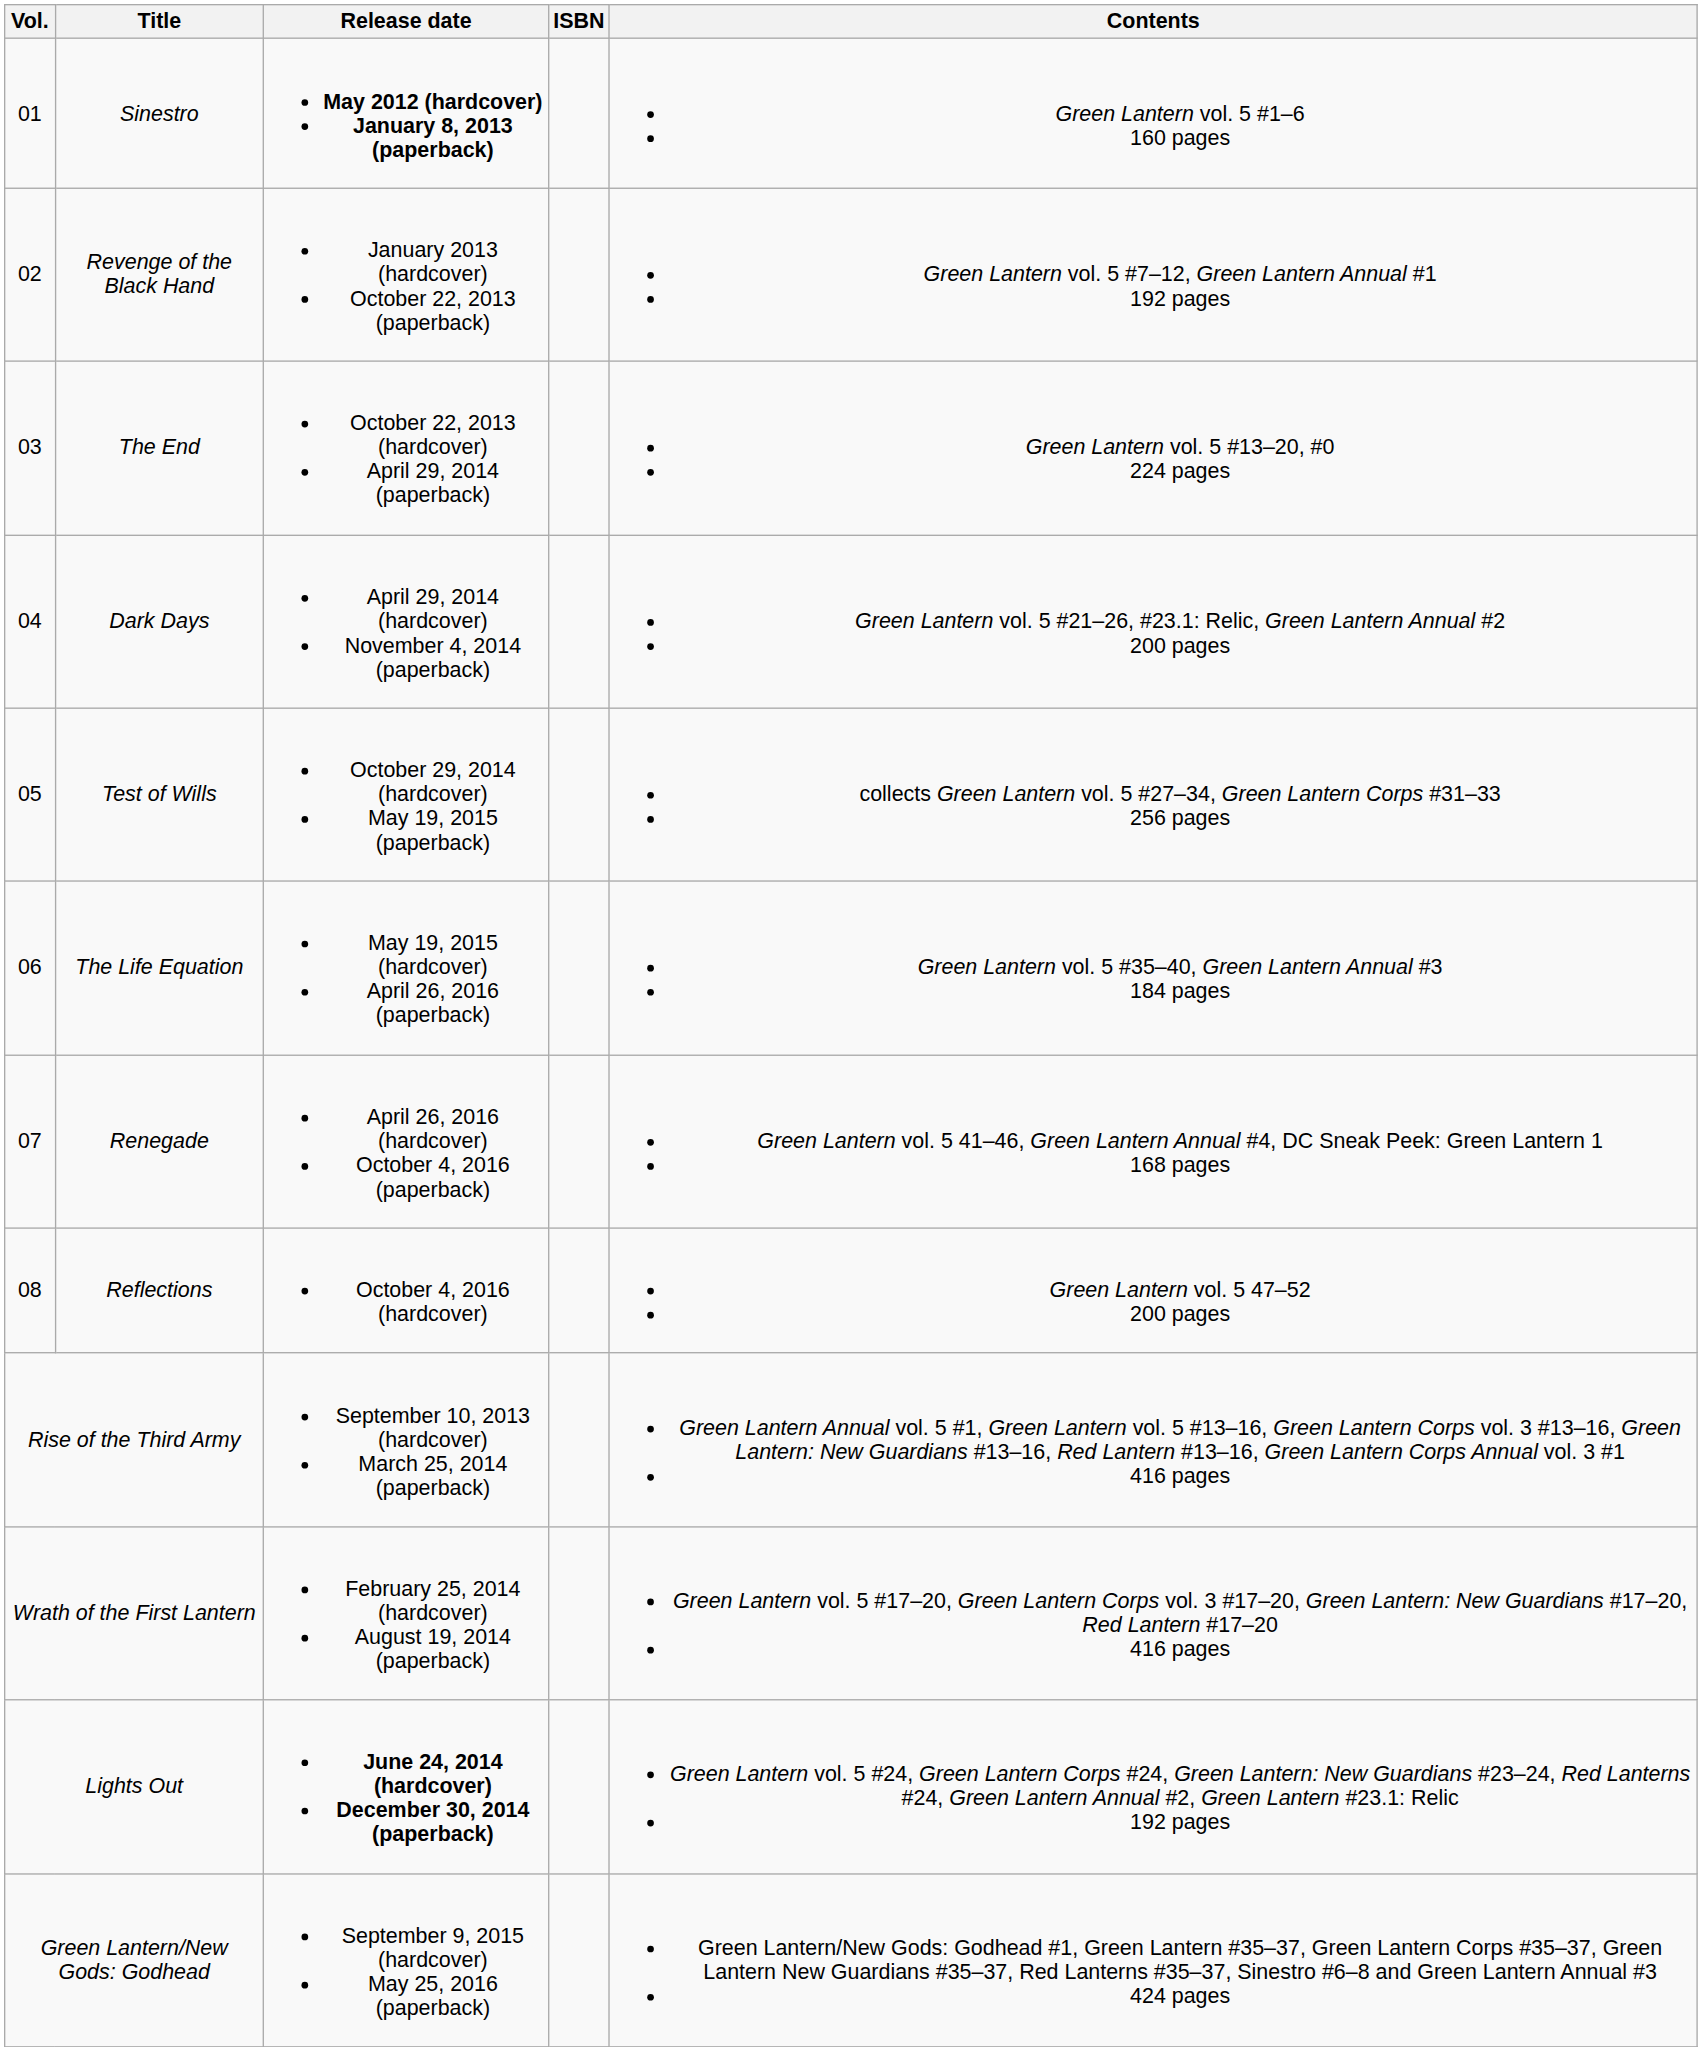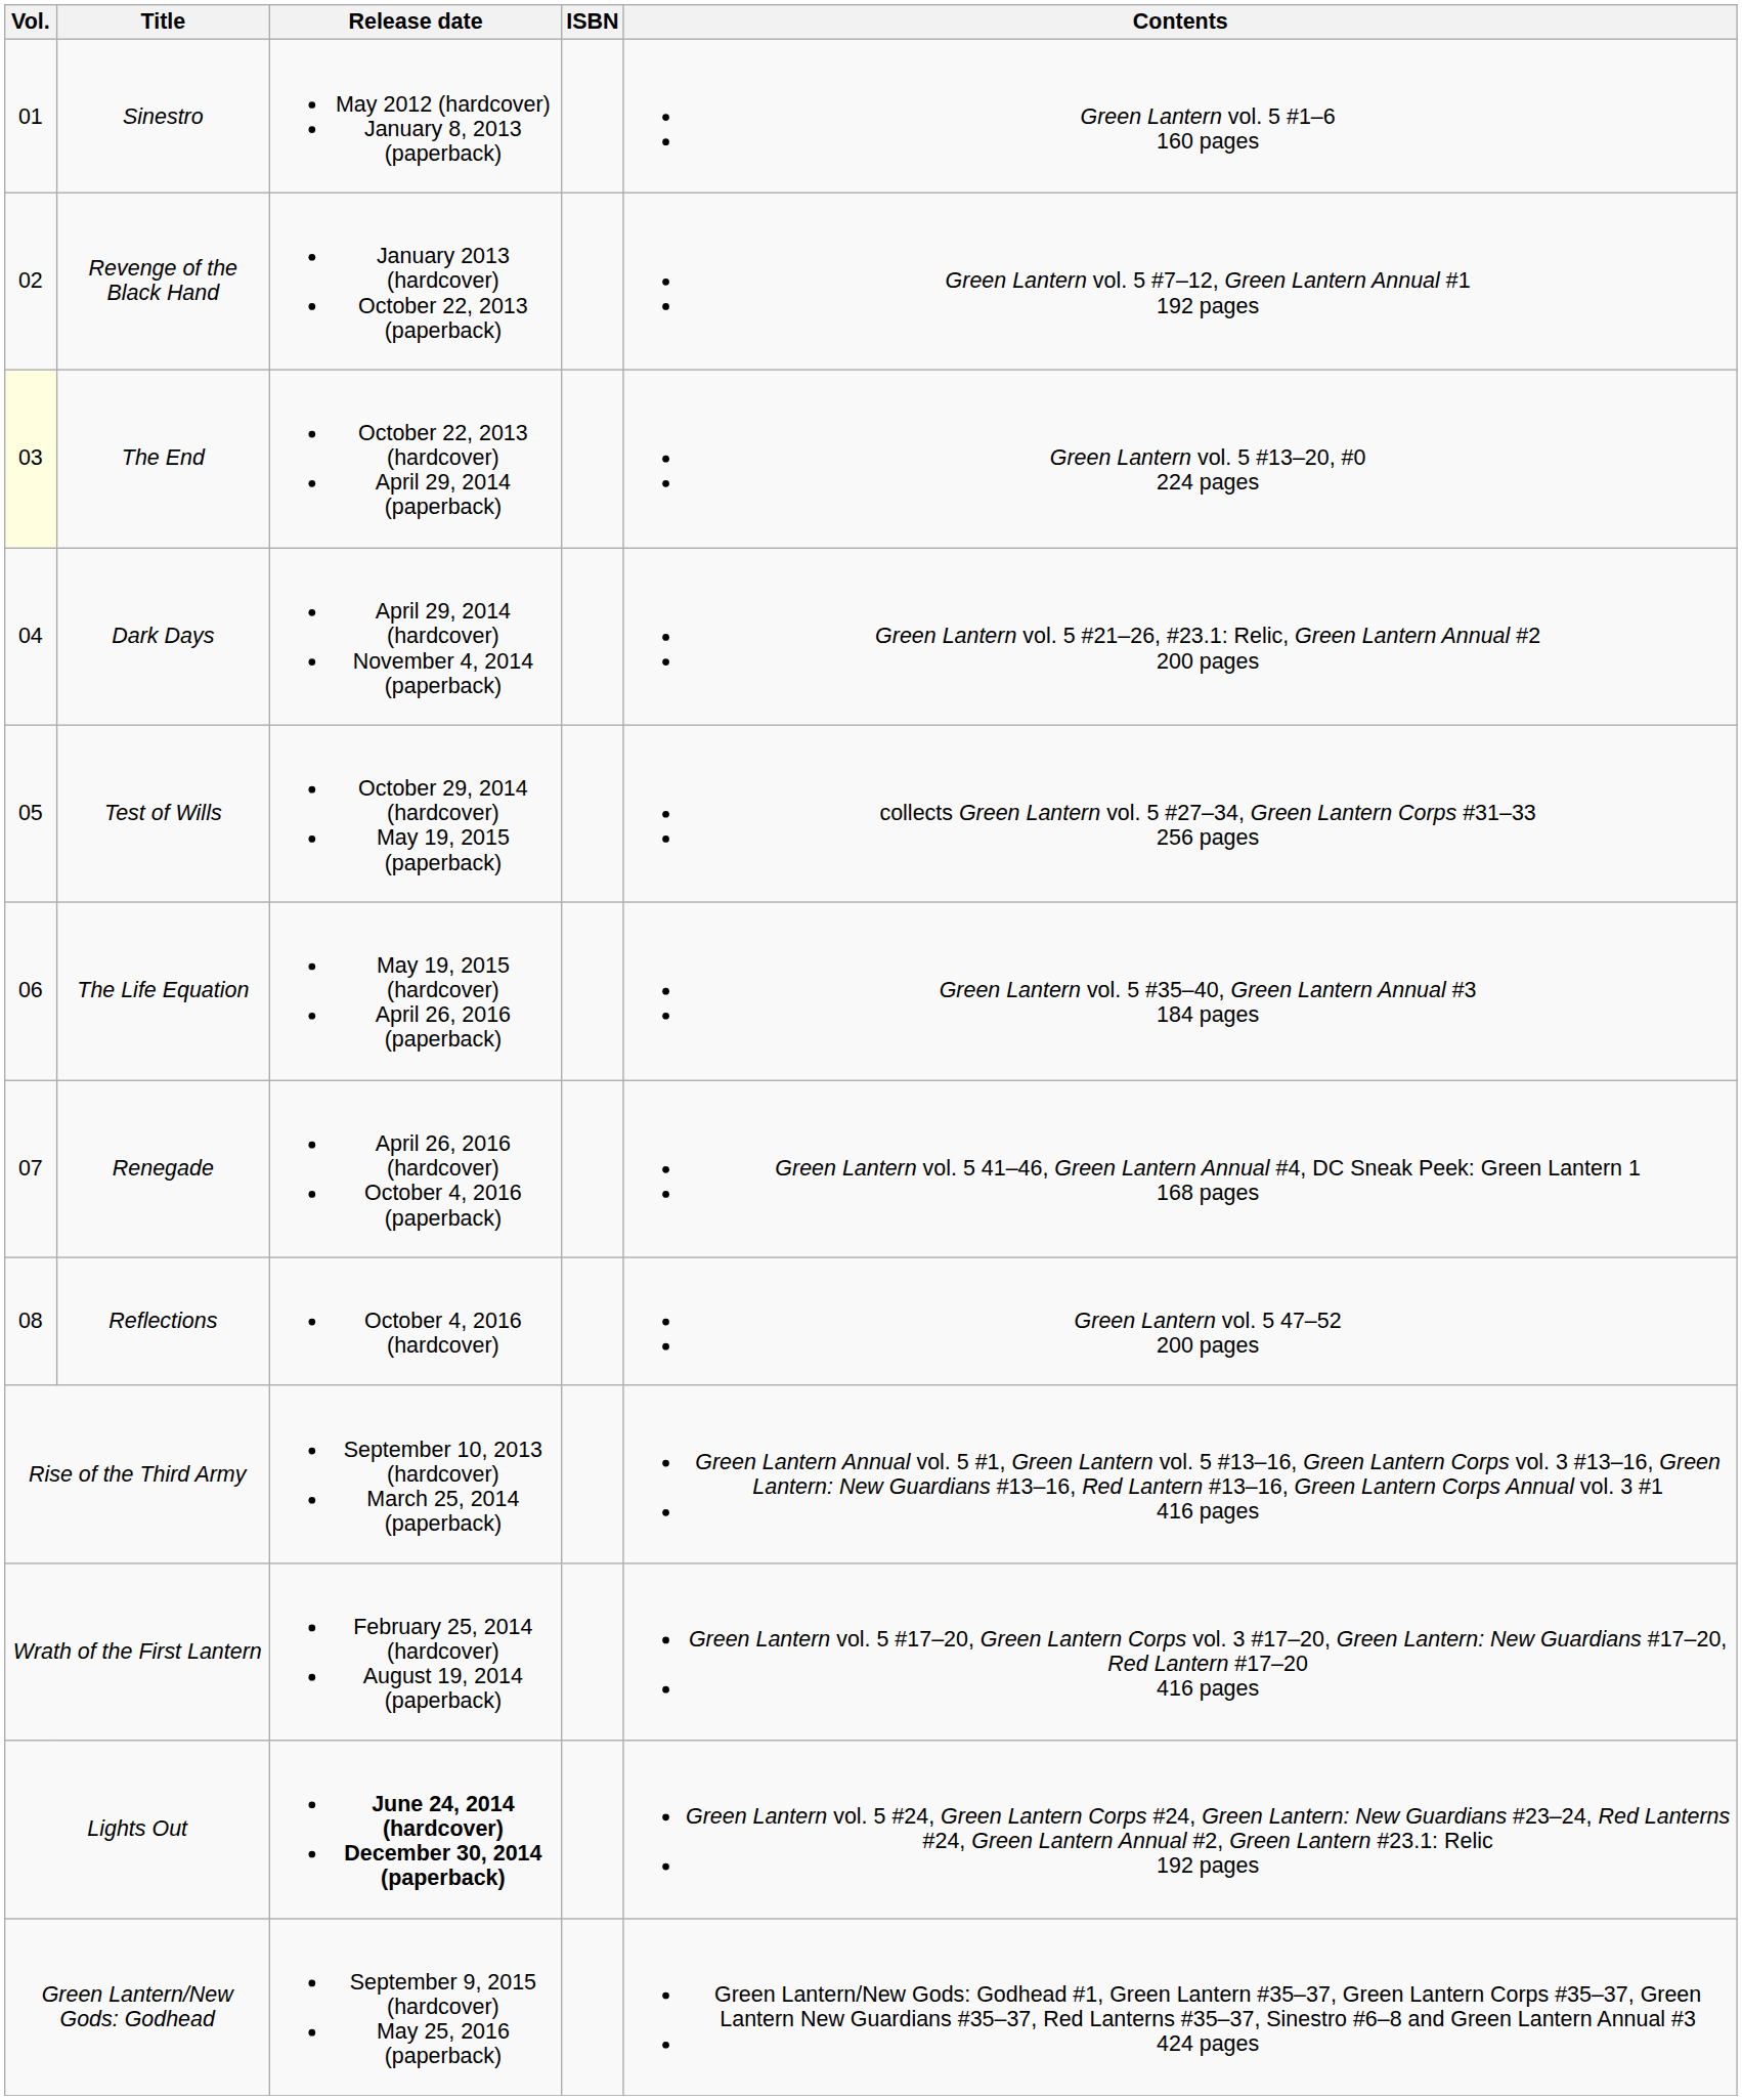 <table class="wikitable" style="width:100%;">
 <tr style="text-align: center;">
 <th>Vol.</th>
 <th>Title</th>
 <th>Release date</th>
 <th>ISBN</th>
 <th>Contents</th>
 </tr>
 <tr style="text-align: center;">
 <td>01</td>
 <td><em>Sinestro</em></td>
-<td><strong><br><ul><li>May 2012 (hardcover)</li><li>January 8, 2013 (paperback)</li></ul></strong></td>
+<td><br><ul><li>May 2012 (hardcover)</li><li>January 8, 2013 (paperback)</li></ul></td>
 <td></td>
 <td><br><ul><li><em>Green Lantern</em> vol. 5 #1–6</li><li>160 pages</li></ul></td>
 </tr>
 <tr style="text-align: center;">
 <td>02</td>
 <td><em>Revenge of the Black Hand</em></td>
 <td><br><ul><li>January 2013 (hardcover)</li><li>October 22, 2013 (paperback)</li></ul></td>
 <td></td>
 <td><br><ul><li><em>Green Lantern</em> vol. 5 #7–12, <em>Green Lantern Annual</em> #1</li><li>192 pages</li></ul></td>
 </tr>
 <tr style="text-align: center;">
-<td>03</td>
+<td style="background: lightyellow;">03</td>
 <td><em>The End</em></td>
 <td><br><ul><li>October 22, 2013 (hardcover)</li><li>April 29, 2014 (paperback)</li></ul></td>
 <td></td>
 <td><br><ul><li><em>Green Lantern</em> vol. 5 #13–20, #0</li><li>224 pages</li></ul></td>
 </tr>
 <tr style="text-align: center;">
 <td>04</td>
 <td><em>Dark Days</em></td>
 <td><br><ul><li>April 29, 2014 (hardcover)</li><li>November 4, 2014 (paperback)</li></ul></td>
 <td></td>
 <td><br><ul><li><em>Green Lantern</em> vol. 5 #21–26, #23.1: Relic, <em>Green Lantern Annual</em> #2</li><li>200 pages</li></ul></td>
 </tr>
 <tr style="text-align: center;">
 <td>05</td>
 <td><em>Test of Wills</em></td>
 <td><br><ul><li>October 29, 2014 (hardcover)</li><li>May 19, 2015 (paperback)</li></ul></td>
 <td></td>
 <td><br><ul><li>collects <em>Green Lantern</em> vol. 5 #27–34, <em>Green Lantern Corps</em> #31–33</li><li>256 pages</li></ul></td>
 </tr>
 <tr style="text-align: center;">
 <td>06</td>
 <td><em>The Life Equation</em></td>
 <td><br><ul><li>May 19, 2015 (hardcover)</li><li>April 26, 2016 (paperback)</li></ul></td>
 <td></td>
 <td><br><ul><li><em>Green Lantern</em> vol. 5 #35–40, <em>Green Lantern Annual</em> #3</li><li>184 pages</li></ul></td>
 </tr>
 <tr style="text-align: center;">
 <td>07</td>
 <td><em>Renegade</em></td>
 <td><br><ul><li>April 26, 2016 (hardcover)</li><li>October 4, 2016 (paperback)</li></ul></td>
 <td></td>
 <td><br><ul><li><em>Green Lantern</em> vol. 5 41–46, <em>Green Lantern Annual</em> #4, DC Sneak Peek: Green Lantern 1</li><li>168 pages</li></ul></td>
 </tr>
 <tr style="text-align: center;">
 <td>08</td>
 <td><em>Reflections</em></td>
 <td><br><ul><li>October 4, 2016 (hardcover)</li></ul></td>
 <td></td>
 <td><br><ul><li><em>Green Lantern</em> vol. 5 47–52</li><li>200 pages</li></ul></td>
 </tr>
 <tr style="text-align: center;">
 <td colspan="2"><em>Rise of the Third Army</em></td>
 <td><br><ul><li>September 10, 2013 (hardcover)</li><li>March 25, 2014 (paperback)</li></ul></td>
 <td></td>
 <td><br><ul><li><em>Green Lantern Annual</em> vol. 5 #1, <em>Green Lantern</em> vol. 5 #13–16, <em>Green Lantern Corps</em> vol. 3 #13–16, <em>Green Lantern: New Guardians</em> #13–16, <em>Red Lantern</em> #13–16, <em>Green Lantern Corps Annual</em> vol. 3 #1</li><li>416 pages</li></ul></td>
 </tr>
 <tr style="text-align: center;">
 <td colspan="2"><em>Wrath of the First Lantern</em></td>
 <td><br><ul><li>February 25, 2014 (hardcover)</li><li>August 19, 2014 (paperback)</li></ul></td>
 <td></td>
 <td><br><ul><li><em>Green Lantern</em> vol. 5 #17–20, <em>Green Lantern Corps</em> vol. 3 #17–20, <em>Green Lantern: New Guardians</em> #17–20, <em>Red Lantern</em> #17–20</li><li>416 pages</li></ul></td>
 </tr>
 <tr style="text-align: center;">
 <td colspan="2"><em>Lights Out</em></td>
 <td><strong><br><ul><li>June 24, 2014 (hardcover)</li><li>December 30, 2014 (paperback)</li></ul></strong></td>
 <td></td>
 <td><br><ul><li><em>Green Lantern</em> vol. 5 #24, <em>Green Lantern Corps</em> #24, <em>Green Lantern: New Guardians</em> #23–24, <em>Red Lanterns</em> #24, <em>Green Lantern Annual</em> #2, <em>Green Lantern</em> #23.1: Relic</li><li>192 pages</li></ul></td>
 </tr>
 <tr style="text-align: center;">
 <td colspan="2"><em>Green Lantern/New Gods: Godhead</em></td>
 <td><br><ul><li>September 9, 2015 (hardcover)</li><li>May 25, 2016 (paperback)</li></ul></td>
 <td></td>
 <td><br><ul><li>Green Lantern/New Gods: Godhead #1, Green Lantern #35–37, Green Lantern Corps #35–37, Green Lantern New Guardians #35–37, Red Lanterns #35–37, Sinestro #6–8 and Green Lantern Annual #3</li><li>424 pages</li></ul></td>
 </tr>
 </table>
